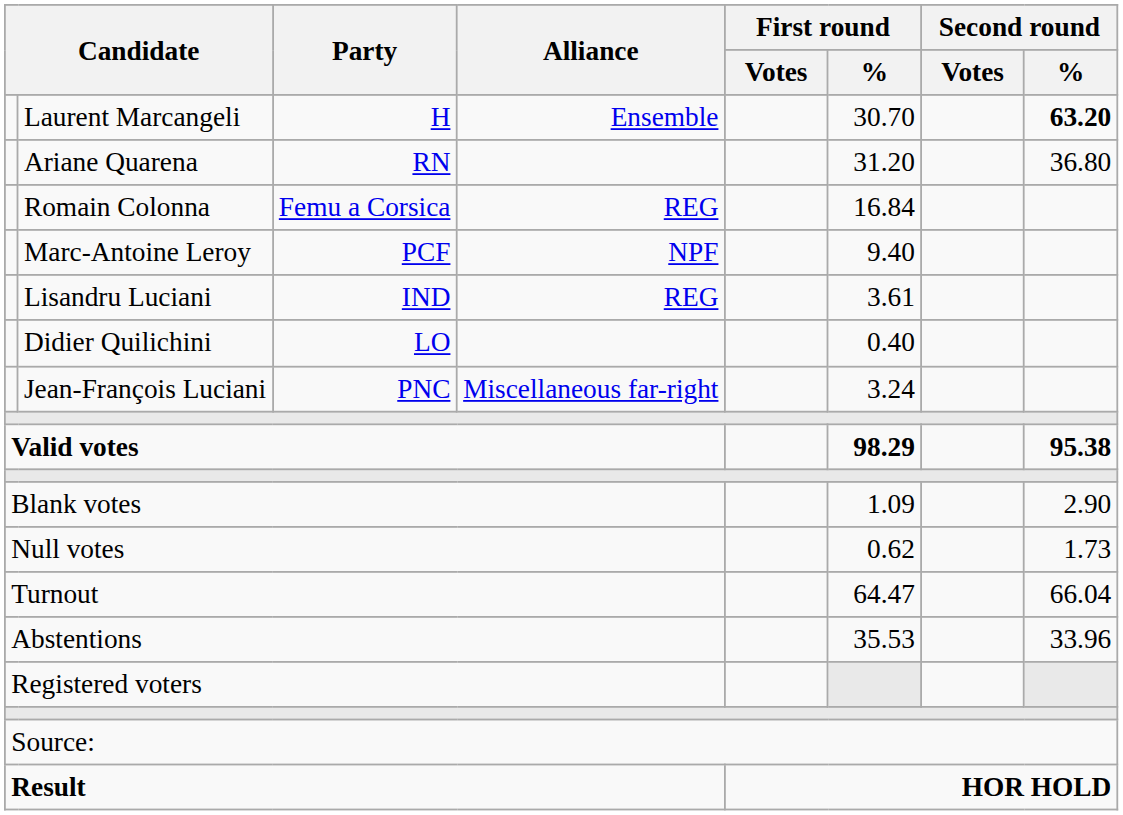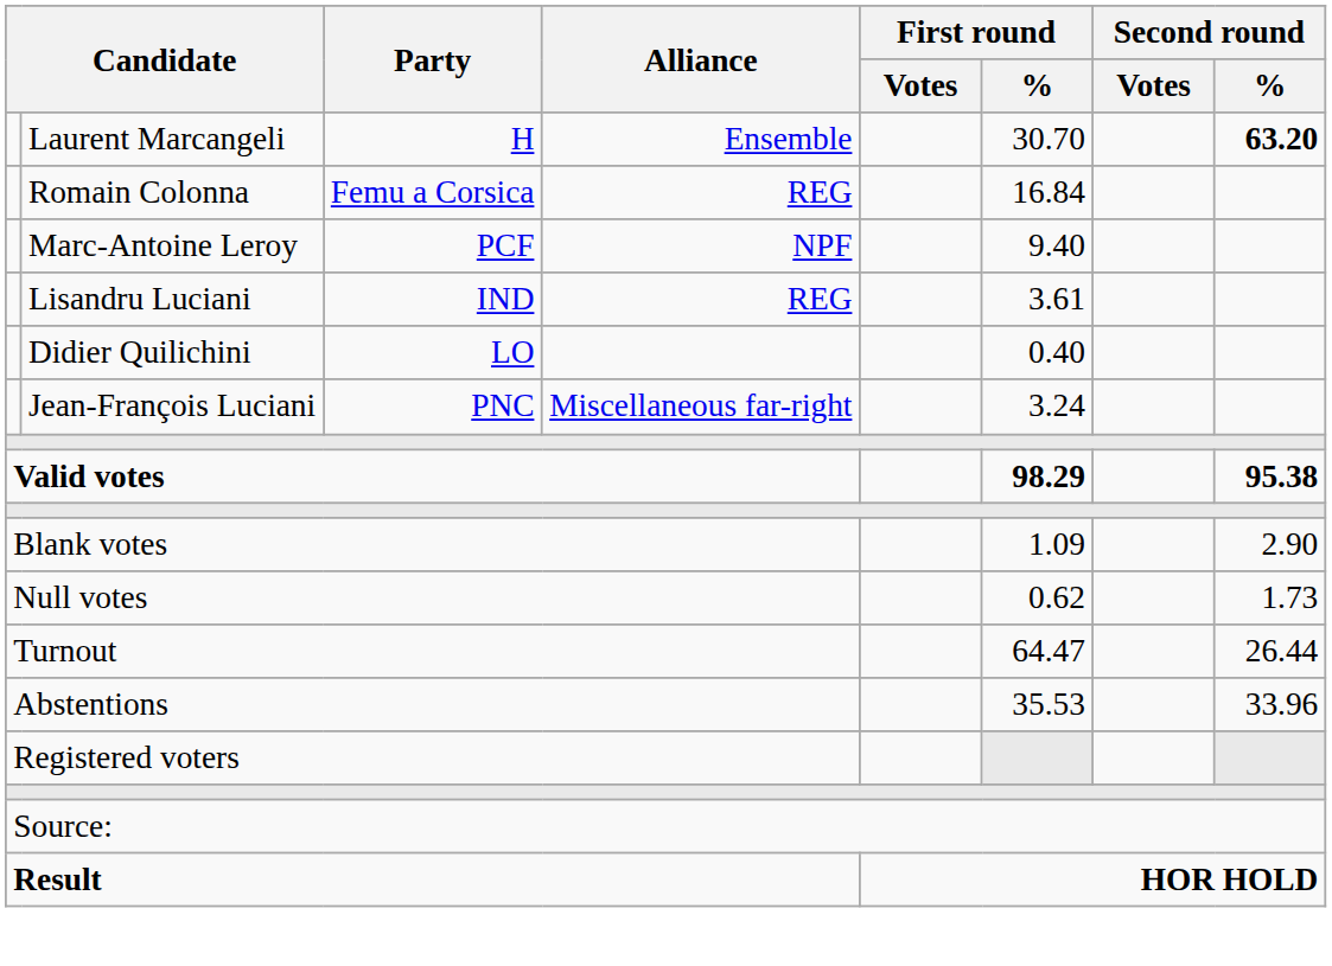 <table class="wikitable" style="text-align:right;font-size:95%;">
 <tr>
 <th colspan="2" rowspan="2">Candidate</th>
 <th colspan="1" rowspan="2">Party</th>
 <th colspan="1" rowspan="2">Alliance</th>
 <th colspan="2">First round</th>
 <th colspan="2">Second round</th>
 </tr>
 <tr>
 <th style="width:50px;">Votes</th>
 <th style="width:45px;">%</th>
 <th style="width:50px;">Votes</th>
 <th style="width:45px;">%</th>
 </tr>
 <tr>
 <td style="color:inherit;background:"></td>
 <td style="text-align:left;">Laurent Marcangeli</td>
 <td><a href='#'>H</a></td>
 <td><a href='#'>Ensemble</a></td>
 <td></td>
 <td>30.70</td>
 <td><strong></strong></td>
 <td><strong>63.20</strong></td>
-</tr>
-<tr>
-<td style="color:inherit;background:"></td>
-<td style="text-align:left;">Ariane Quarena</td>
-<td><a href='#'>RN</a></td>
-<td></td>
-<td></td>
-<td>31.20</td>
-<td></td>
-<td>36.80</td>
 </tr>
 <tr>
 <td style="color:inherit;background:"></td>
 <td style="text-align:left;">Romain Colonna</td>
 <td><a href='#'>Femu a Corsica</a></td>
 <td><a href='#'>REG</a></td>
 <td></td>
 <td>16.84</td>
 <td></td>
 <td></td>
 </tr>
 <tr>
 <td style="color:inherit;background:"></td>
 <td style="text-align:left;">Marc-Antoine Leroy</td>
 <td><a href='#'>PCF</a></td>
 <td><a href='#'>NPF</a></td>
 <td></td>
 <td>9.40</td>
 <td></td>
 <td></td>
 </tr>
 <tr>
 <td style="color:inherit;background:"></td>
 <td style="text-align:left;">Lisandru Luciani</td>
 <td><a href='#'>IND</a></td>
 <td><a href='#'>REG</a></td>
 <td></td>
 <td>3.61</td>
 <td></td>
 <td></td>
 </tr>
 <tr>
 <td style="color:inherit;background:"></td>
 <td style="text-align:left;">Didier Quilichini</td>
 <td><a href='#'>LO</a></td>
 <td></td>
 <td></td>
 <td>0.40</td>
 <td></td>
 <td></td>
 </tr>
 <tr>
 <td style="color:inherit;background:"></td>
 <td style="text-align:left;">Jean-François Luciani</td>
 <td><a href='#'>PNC</a></td>
 <td><a href='#'>Miscellaneous far-right</a></td>
 <td></td>
 <td>3.24</td>
 <td></td>
 <td></td>
 </tr>
 <tr>
 <td colspan="8" style="background:#E9E9E9;"></td>
 </tr>
 <tr style="font-weight:bold;">
 <td colspan="4" style="text-align:left;">Valid votes</td>
 <td></td>
 <td>98.29</td>
 <td></td>
 <td>95.38</td>
 </tr>
 <tr>
 <td colspan="8" style="background:#E9E9E9;"></td>
 </tr>
 <tr>
 <td colspan="4" style="text-align:left;">Blank votes</td>
 <td></td>
 <td>1.09</td>
 <td></td>
 <td>2.90</td>
 </tr>
 <tr>
 <td colspan="4" style="text-align:left;">Null votes</td>
 <td></td>
 <td>0.62</td>
 <td></td>
 <td>1.73</td>
 </tr>
 <tr>
 <td colspan="4" style="text-align:left;">Turnout</td>
 <td></td>
 <td>64.47</td>
 <td></td>
-<td>66.04</td>
+<td>26.44</td>
 </tr>
 <tr>
 <td colspan="4" style="text-align:left;">Abstentions</td>
 <td></td>
 <td>35.53</td>
 <td></td>
 <td>33.96</td>
 </tr>
 <tr>
 <td colspan="4" style="text-align:left;">Registered voters</td>
 <td></td>
 <td style="background:#E9E9E9;"></td>
 <td></td>
 <td style="background:#E9E9E9;"></td>
 </tr>
 <tr>
 <td colspan="8" style="background:#E9E9E9;"></td>
 </tr>
 <tr>
 <td colspan="8" style="text-align:left;">Source: </td>
 </tr>
 <tr style="font-weight:bold">
 <td colspan="4" style="text-align:left;">Result</td>
 <td colspan="4" style="background-color:">HOR HOLD</td>
 </tr>
 </table>
